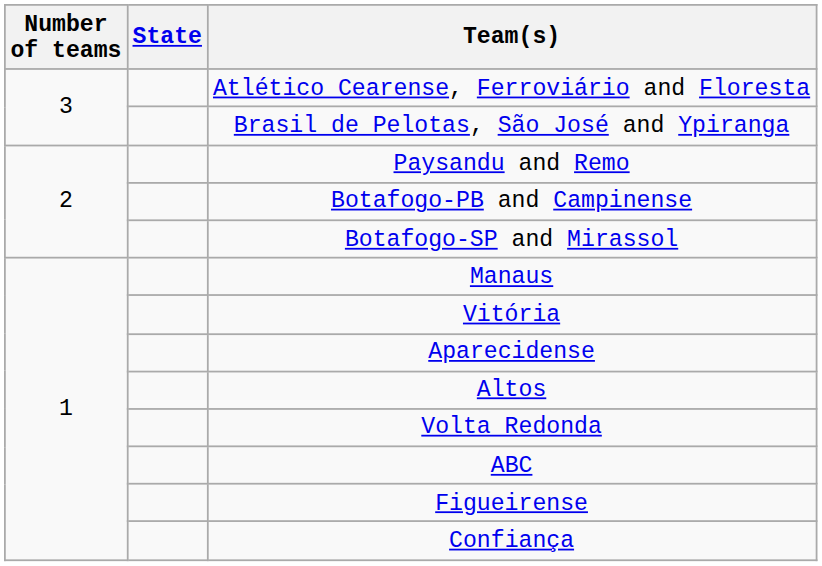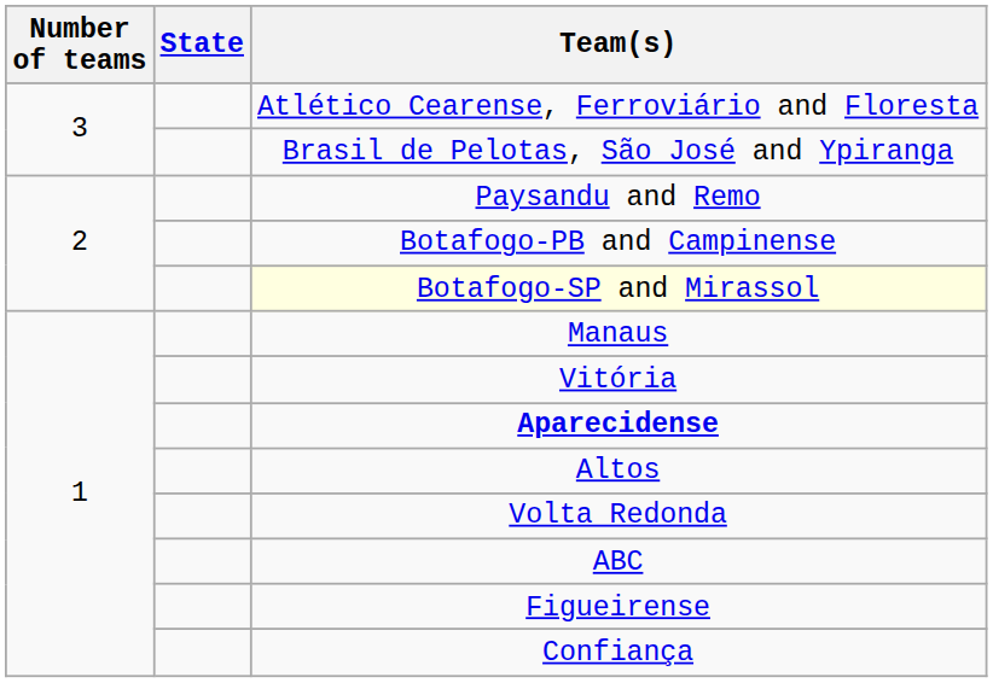 <table class="wikitable" style="text-align:center">
 <tr>
 <th>Number<br>of teams</th>
 <th><a href='#'>State</a></th>
 <th>Team(s)</th>
 </tr>
 <tr>
 <td rowspan=2>3</td>
 <td align="left"></td>
 <td><a href='#'>Atlético Cearense</a>, <a href='#'>Ferroviário</a> and <a href='#'>Floresta</a></td>
 </tr>
 <tr>
 <td align="left"></td>
 <td><a href='#'>Brasil de Pelotas</a>, <a href='#'>São José</a> and <a href='#'>Ypiranga</a></td>
 </tr>
 <tr>
 <td rowspan=3>2</td>
 <td align="left"></td>
 <td><a href='#'>Paysandu</a> and <a href='#'>Remo</a></td>
 </tr>
 <tr>
 <td align="left"></td>
 <td><a href='#'>Botafogo-PB</a> and <a href='#'>Campinense</a></td>
 </tr>
 <tr>
 <td align="left"></td>
-<td><a href='#'>Botafogo-SP</a> and <a href='#'>Mirassol</a></td>
+<td style="background: lightyellow;"><a href='#'>Botafogo-SP</a> and <a href='#'>Mirassol</a></td>
 </tr>
 <tr>
 <td rowspan=8>1</td>
 <td align="left"></td>
 <td><a href='#'>Manaus</a></td>
 </tr>
 <tr>
 <td align="left"></td>
 <td><a href='#'>Vitória</a></td>
 </tr>
 <tr>
 <td align="left"></td>
-<td><a href='#'>Aparecidense</a></td>
+<td><strong><a href='#'>Aparecidense</a></strong></td>
 </tr>
 <tr>
 <td align="left"></td>
 <td><a href='#'>Altos</a></td>
 </tr>
 <tr>
 <td align="left"></td>
 <td><a href='#'>Volta Redonda</a></td>
 </tr>
 <tr>
 <td align="left"></td>
 <td><a href='#'>ABC</a></td>
 </tr>
 <tr>
 <td align="left"></td>
 <td><a href='#'>Figueirense</a></td>
 </tr>
 <tr>
 <td align="left"></td>
 <td><a href='#'>Confiança</a></td>
 </tr>
 </table>
